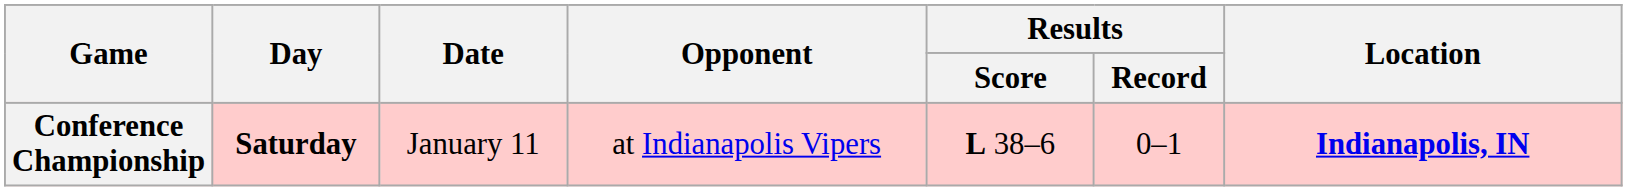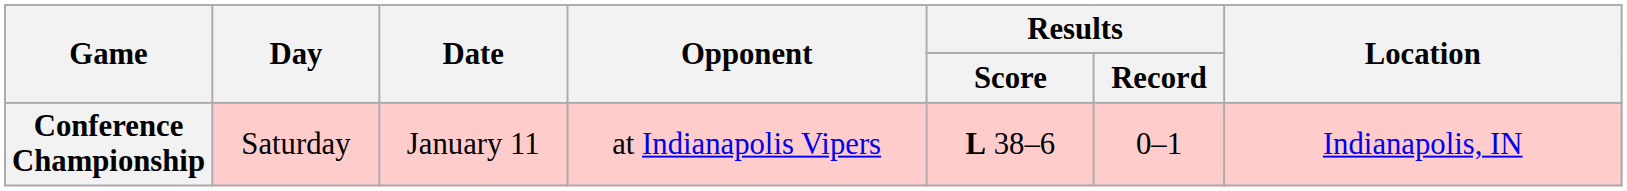 <table class="wikitable">
 <tr>
 <th rowspan="2" width="100">Game</th>
 <th rowspan="2" width="80">Day</th>
 <th rowspan="2" width="90">Date</th>
 <th rowspan="2" width="180">Opponent</th>
 <th colspan="2" width="140">Results</th>
 <th rowspan="2" width="200">Location</th>
 </tr>
 <tr>
 <th width="80">Score</th>
 <th width="60">Record</th>
 </tr>
 <tr align="center" bgcolor="#FFCCCC">
 <th>Conference Championship</th>
-<td><strong>Saturday</strong></td>
+<td>Saturday</td>
 <td>January 11</td>
 <td>at <a href='#'>Indianapolis Vipers</a></td>
 <td><strong>L</strong> 38–6</td>
 <td>0–1</td>
-<td><strong><a href='#'>Indianapolis, IN</a></strong></td>
+<td><a href='#'>Indianapolis, IN</a></td>
 </tr>
 </table>
